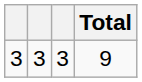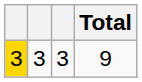 <table class="wikitable">
 <tr>
 <th></th>
 <th></th>
 <th></th>
 <th>Total</th>
 </tr>
 <tr style="text-align:center;">
-<td>3</td>
+<td style="background: gold;">3</td>
 <td>3</td>
 <td>3</td>
 <td>9</td>
 </tr>
 </table>
